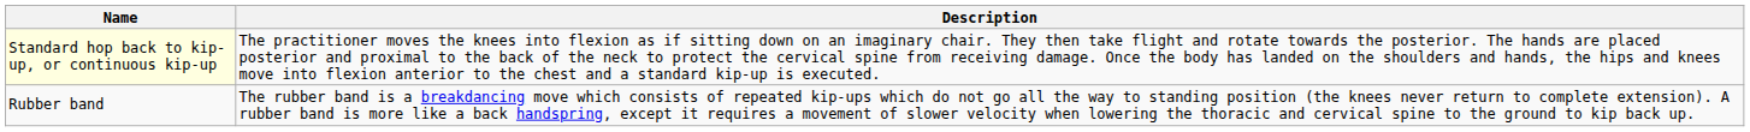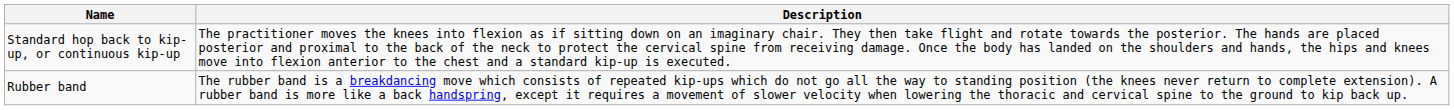 <table class="wikitable">
 <tr>
 <th>Name</th>
 <th>Description</th>
 </tr>
 <tr>
-<td style="background: lightyellow;">Standard hop back to kip-up, or continuous kip-up</td>
+<td>Standard hop back to kip-up, or continuous kip-up</td>
 <td>The practitioner moves the knees into flexion as if sitting down on an imaginary chair. They then take flight and rotate towards the posterior. The hands are placed posterior and proximal to the back of the neck to protect the cervical spine from receiving damage. Once the body has landed on the shoulders and hands, the hips and knees move into flexion anterior to the chest and a standard kip-up is executed.</td>
 </tr>
 <tr>
 <td>Rubber band</td>
 <td>The rubber band is a <a href='#'>breakdancing</a> move which consists of repeated kip-ups which do not go all the way to standing position (the knees never return to complete extension). A rubber band is more like a back <a href='#'>handspring</a>, except it requires a movement of slower velocity when lowering the thoracic and cervical spine to the ground to kip back up.</td>
 </tr>
 </table>
